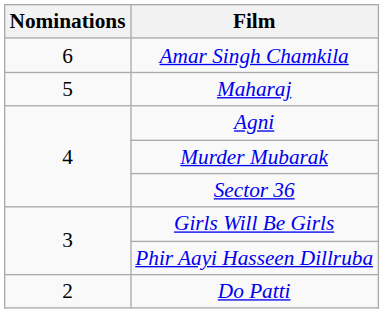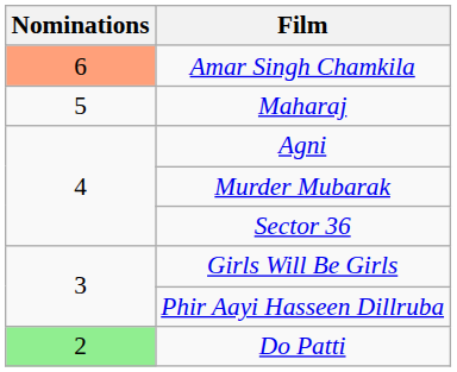 <table class="wikitable plainrowheaders" style="text-align:center;">
 <tr>
 <th scope="col" style="width:55px;">Nominations</th>
 <th scope="col" style="text-align:center;">Film</th>
 </tr>
 <tr>
-<td scope="row" style="text-align:center">6</td>
+<td scope="row" style="background: lightsalmon; text-align:center">6</td>
 <td><a href='#'><em>Amar Singh Chamkila</em></a></td>
 </tr>
 <tr>
 <td>5</td>
 <td><a href='#'><em>Maharaj</em></a></td>
 </tr>
 <tr>
 <td rowspan="3">4</td>
 <td><a href='#'><em>Agni</em></a></td>
 </tr>
 <tr>
 <td><em><a href='#'>Murder Mubarak</a></em></td>
 </tr>
 <tr>
 <td><em><a href='#'>Sector 36</a></em></td>
 </tr>
 <tr>
 <td rowspan="2" scope="row" style="text-align:center;">3</td>
 <td><a href='#'><em>Girls Will Be Girls</em></a></td>
 </tr>
 <tr>
 <td><em><a href='#'>Phir Aayi Hasseen Dillruba</a></em></td>
 </tr>
 <tr>
-<td>2</td>
+<td style="background: lightgreen;">2</td>
 <td><em><a href='#'>Do Patti</a></em></td>
 </tr>
 </table>
